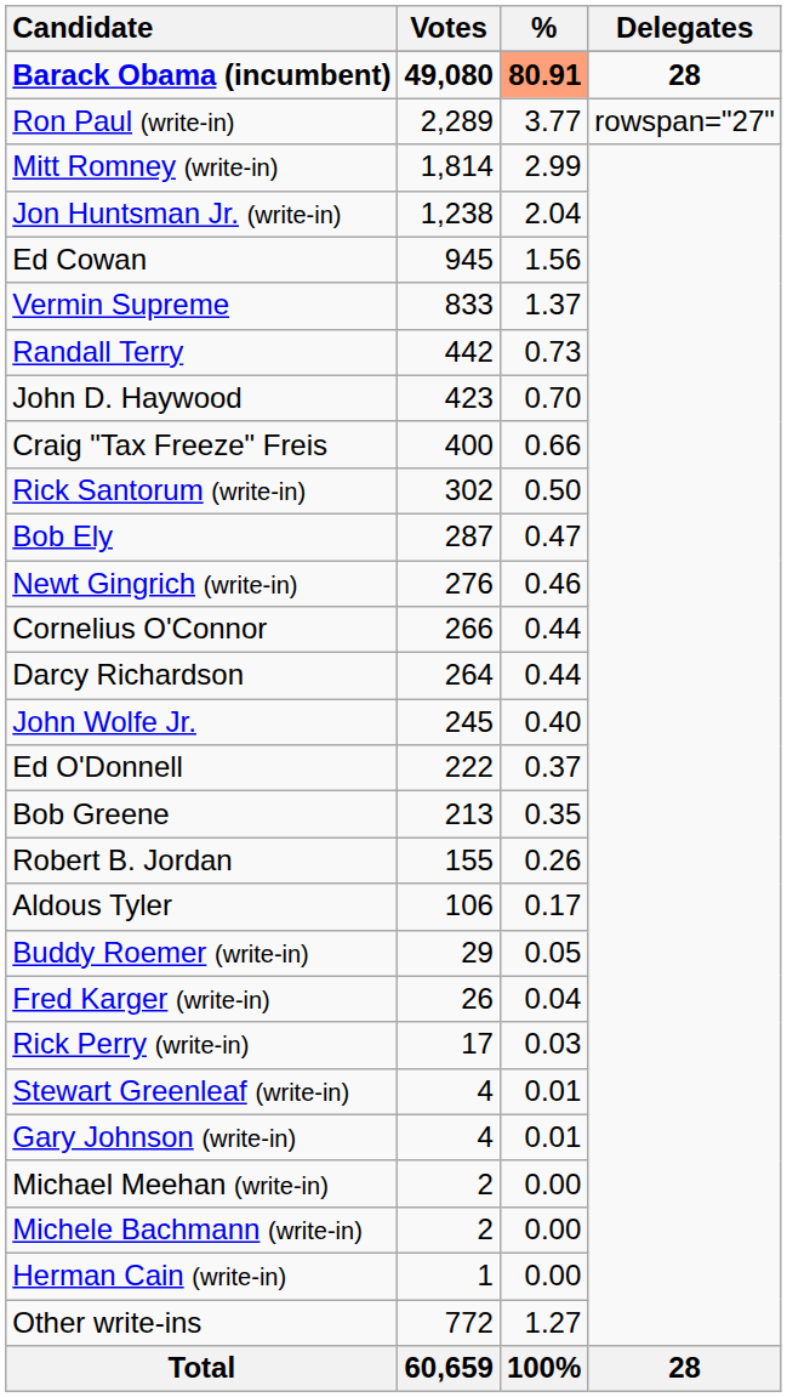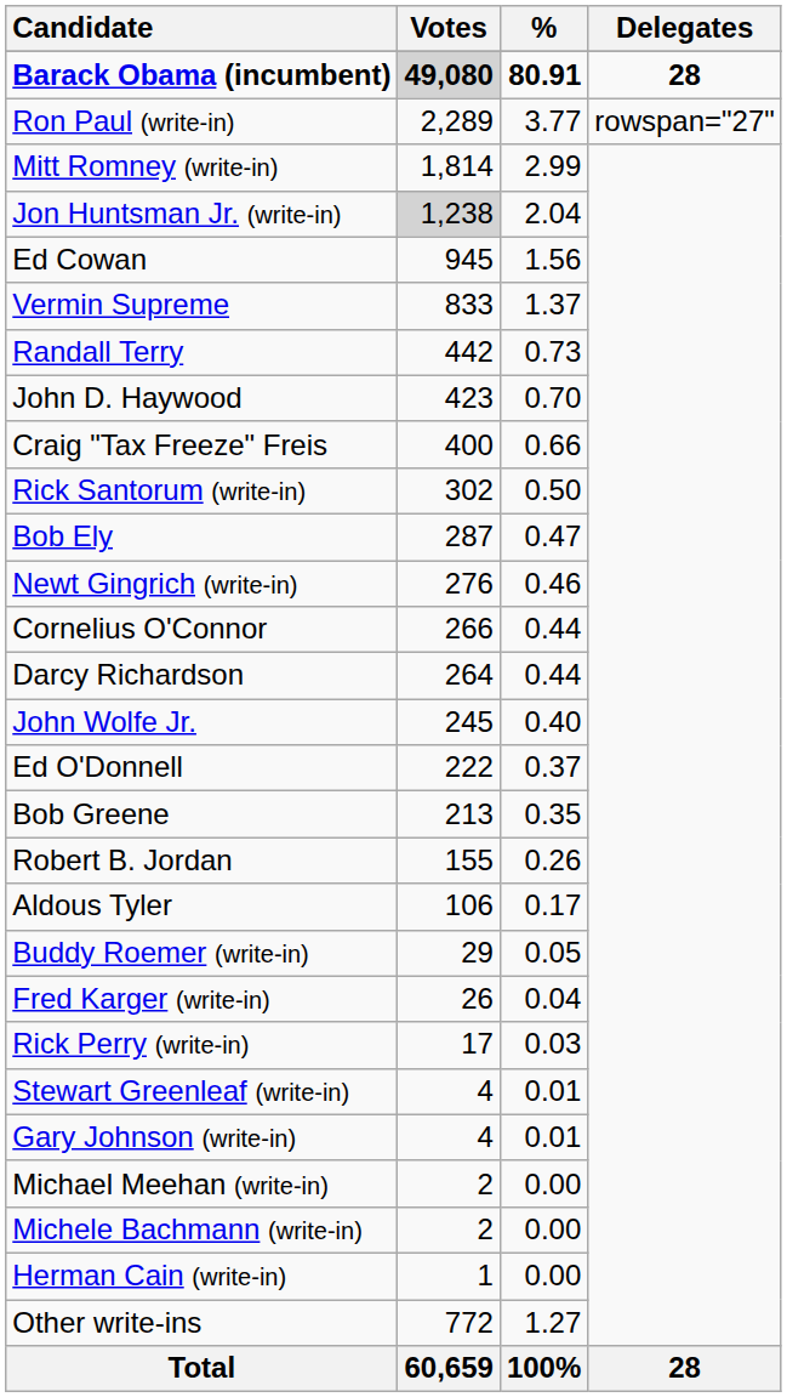 <table class="wikitable sortable plainrowheaders" style="text-align:right;">
 <tr>
 <th style="text-align:left;">Candidate</th>
 <th>Votes</th>
 <th>%</th>
 <th>Delegates</th>
 </tr>
 <tr>
 </tr>
 <tr>
 <td style="text-align:left;"><strong><a href='#'>Barack Obama</a></strong> <strong>(incumbent)</strong></td>
-<td><strong>49,080</strong></td>
-<td style="background: lightsalmon;"><strong>80.91</strong></td>
+<td style="background: lightgrey;"><strong>49,080</strong></td>
+<td><strong>80.91</strong></td>
 <td style="text-align:center;"><strong>28</strong></td>
 </tr>
 <tr>
 <td style="text-align:left;"><a href='#'>Ron Paul</a> <small>(write-in)</small></td>
 <td>2,289</td>
 <td>3.77</td>
 <td>rowspan="27" </td>
 </tr>
 <tr>
 <td style="text-align:left;"><a href='#'>Mitt Romney</a> <small>(write-in)</small></td>
 <td>1,814</td>
 <td>2.99</td>
 </tr>
 <tr>
 <td style="text-align:left;"><a href='#'>Jon Huntsman Jr.</a> <small>(write-in)</small></td>
-<td>1,238</td>
+<td style="background: lightgrey;">1,238</td>
 <td>2.04</td>
 </tr>
 <tr>
 <td style="text-align:left;">Ed Cowan</td>
 <td>945</td>
 <td>1.56</td>
 </tr>
 <tr>
 <td style="text-align:left;"><a href='#'>Vermin Supreme</a></td>
 <td>833</td>
 <td>1.37</td>
 </tr>
 <tr>
 <td style="text-align:left;"><a href='#'>Randall Terry</a></td>
 <td>442</td>
 <td>0.73</td>
 </tr>
 <tr>
 <td style="text-align:left;">John D. Haywood</td>
 <td>423</td>
 <td>0.70</td>
 </tr>
 <tr>
 <td style="text-align:left;">Craig "Tax Freeze" Freis</td>
 <td>400</td>
 <td>0.66</td>
 </tr>
 <tr>
 <td style="text-align:left;"><a href='#'>Rick Santorum</a> <small>(write-in)</small></td>
 <td>302</td>
 <td>0.50</td>
 </tr>
 <tr>
 <td style="text-align:left;"><a href='#'>Bob Ely</a></td>
 <td>287</td>
 <td>0.47</td>
 </tr>
 <tr>
 <td style="text-align:left;"><a href='#'>Newt Gingrich</a> <small>(write-in)</small></td>
 <td>276</td>
 <td>0.46</td>
 </tr>
 <tr>
 <td style="text-align:left;">Cornelius O'Connor</td>
 <td>266</td>
 <td>0.44</td>
 </tr>
 <tr>
 <td style="text-align:left;">Darcy Richardson</td>
 <td>264</td>
 <td>0.44</td>
 </tr>
 <tr>
 <td style="text-align:left;"><a href='#'>John Wolfe Jr.</a></td>
 <td>245</td>
 <td>0.40</td>
 </tr>
 <tr>
 <td style="text-align:left;">Ed O'Donnell</td>
 <td>222</td>
 <td>0.37</td>
 </tr>
 <tr>
 <td style="text-align:left;">Bob Greene</td>
 <td>213</td>
 <td>0.35</td>
 </tr>
 <tr>
 <td style="text-align:left;">Robert B. Jordan</td>
 <td>155</td>
 <td>0.26</td>
 </tr>
 <tr>
 <td style="text-align:left;">Aldous Tyler</td>
 <td>106</td>
 <td>0.17</td>
 </tr>
 <tr>
 <td style="text-align:left;"><a href='#'>Buddy Roemer</a> <small>(write-in)</small></td>
 <td>29</td>
 <td>0.05</td>
 </tr>
 <tr>
 <td style="text-align:left;"><a href='#'>Fred Karger</a> <small>(write-in)</small></td>
 <td>26</td>
 <td>0.04</td>
 </tr>
 <tr>
 <td style="text-align:left;"><a href='#'>Rick Perry</a> <small>(write-in)</small></td>
 <td>17</td>
 <td>0.03</td>
 </tr>
 <tr>
 <td style="text-align:left;"><a href='#'>Stewart Greenleaf</a> <small>(write-in)</small></td>
 <td>4</td>
 <td>0.01</td>
 </tr>
 <tr>
 <td style="text-align:left;"><a href='#'>Gary Johnson</a> <small>(write-in)</small></td>
 <td>4</td>
 <td>0.01</td>
 </tr>
 <tr>
 <td style="text-align:left;">Michael Meehan <small>(write-in)</small></td>
 <td>2</td>
 <td>0.00</td>
 </tr>
 <tr>
 <td style="text-align:left;"><a href='#'>Michele Bachmann</a> <small>(write-in)</small></td>
 <td>2</td>
 <td>0.00</td>
 </tr>
 <tr>
 <td style="text-align:left;"><a href='#'>Herman Cain</a> <small>(write-in)</small></td>
 <td>1</td>
 <td>0.00</td>
 </tr>
 <tr>
 <td style="text-align:left;">Other write-ins</td>
 <td>772</td>
 <td>1.27</td>
 </tr>
 <tr class="sortbottom">
 <th>Total</th>
 <th><strong>60,659</strong></th>
 <th>100%</th>
 <th>28</th>
 </tr>
 </table>
